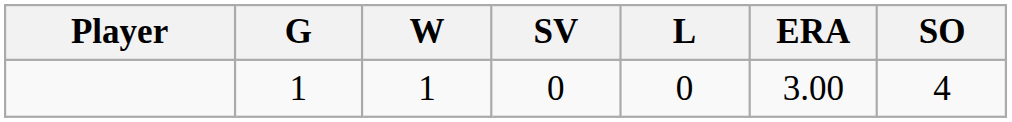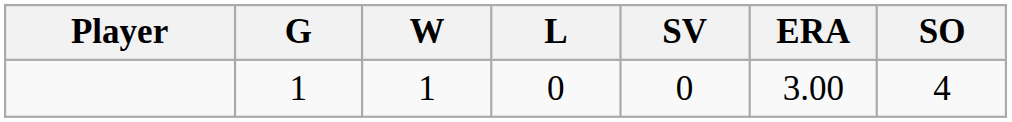 <table class="wikitable sortable">
 <tr>
 <th bgcolor="#DDDDFF" width="16%">Player</th>
 <th bgcolor="#DDDDFF" width="9%">G</th>
 <th bgcolor="#DDDDFF" width="9%">W</th>
+<th bgcolor="#DDDDFF" width="9%">L</th>
 <th bgcolor="#DDDDFF" width="9%">SV</th>
-<th bgcolor="#DDDDFF" width="9%">L</th>
 <th bgcolor="#DDDDFF" width="9%">ERA</th>
 <th bgcolor="#DDDDFF" width="9%">SO</th>
 </tr>
 <tr align="center">
 <td></td>
 <td>1</td>
 <td>1</td>
 <td>0</td>
 <td>0</td>
 <td>3.00</td>
 <td>4</td>
 </tr>
 </table>
